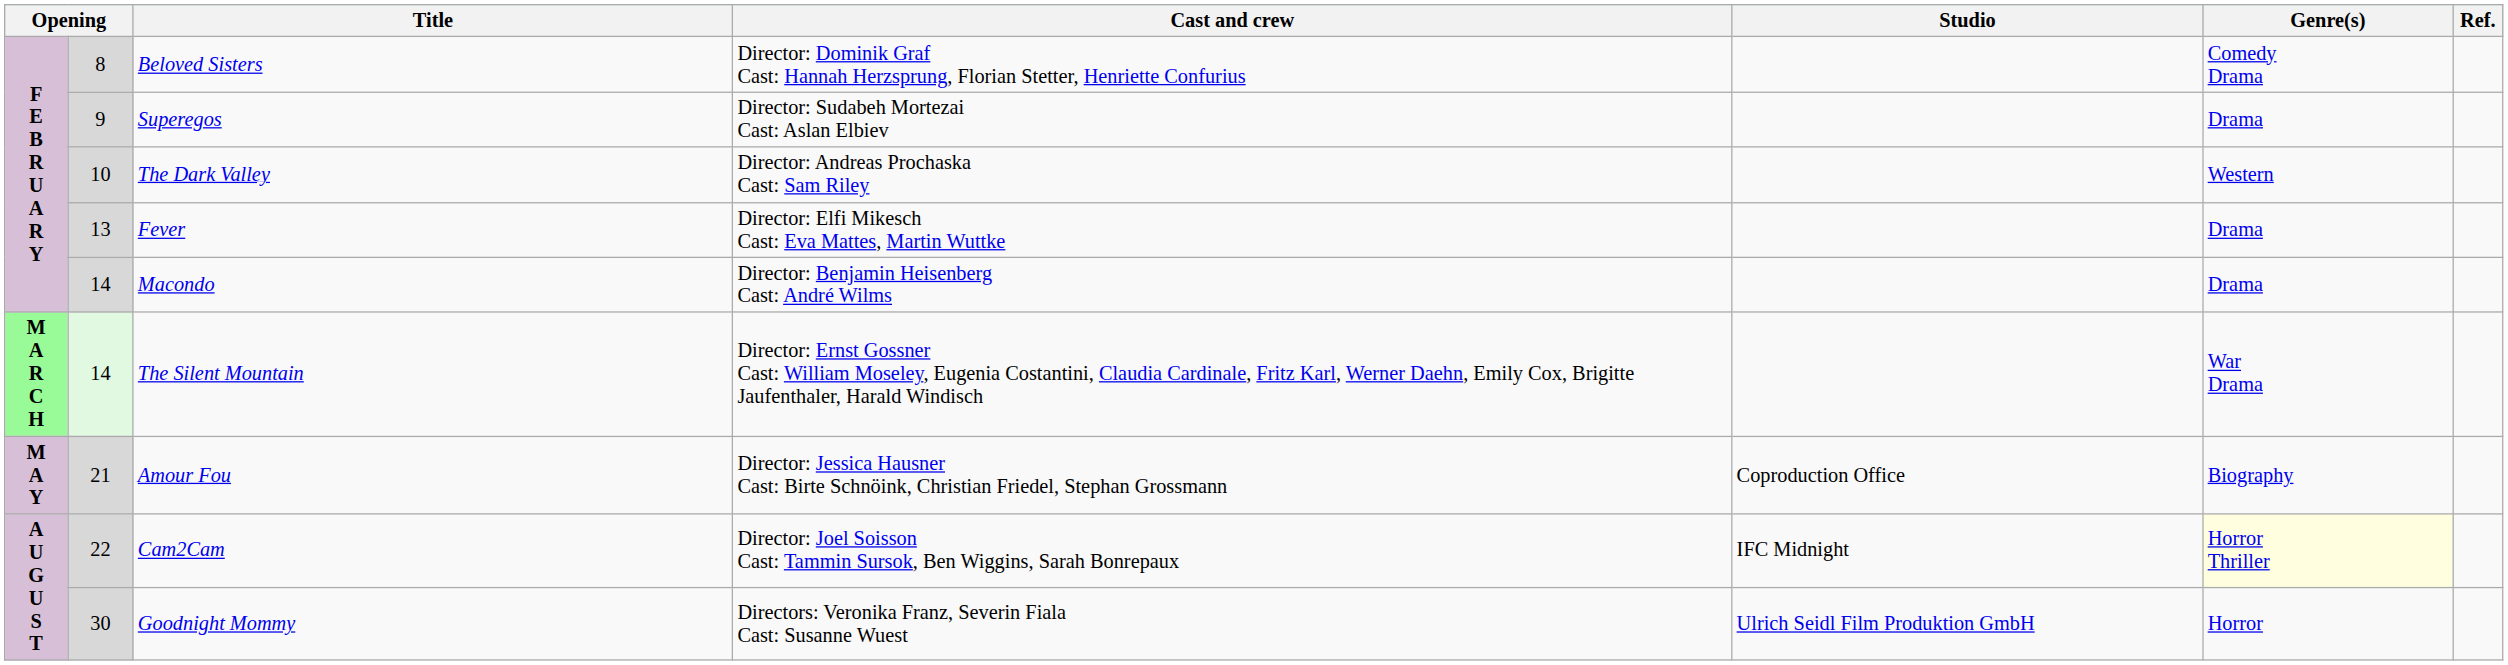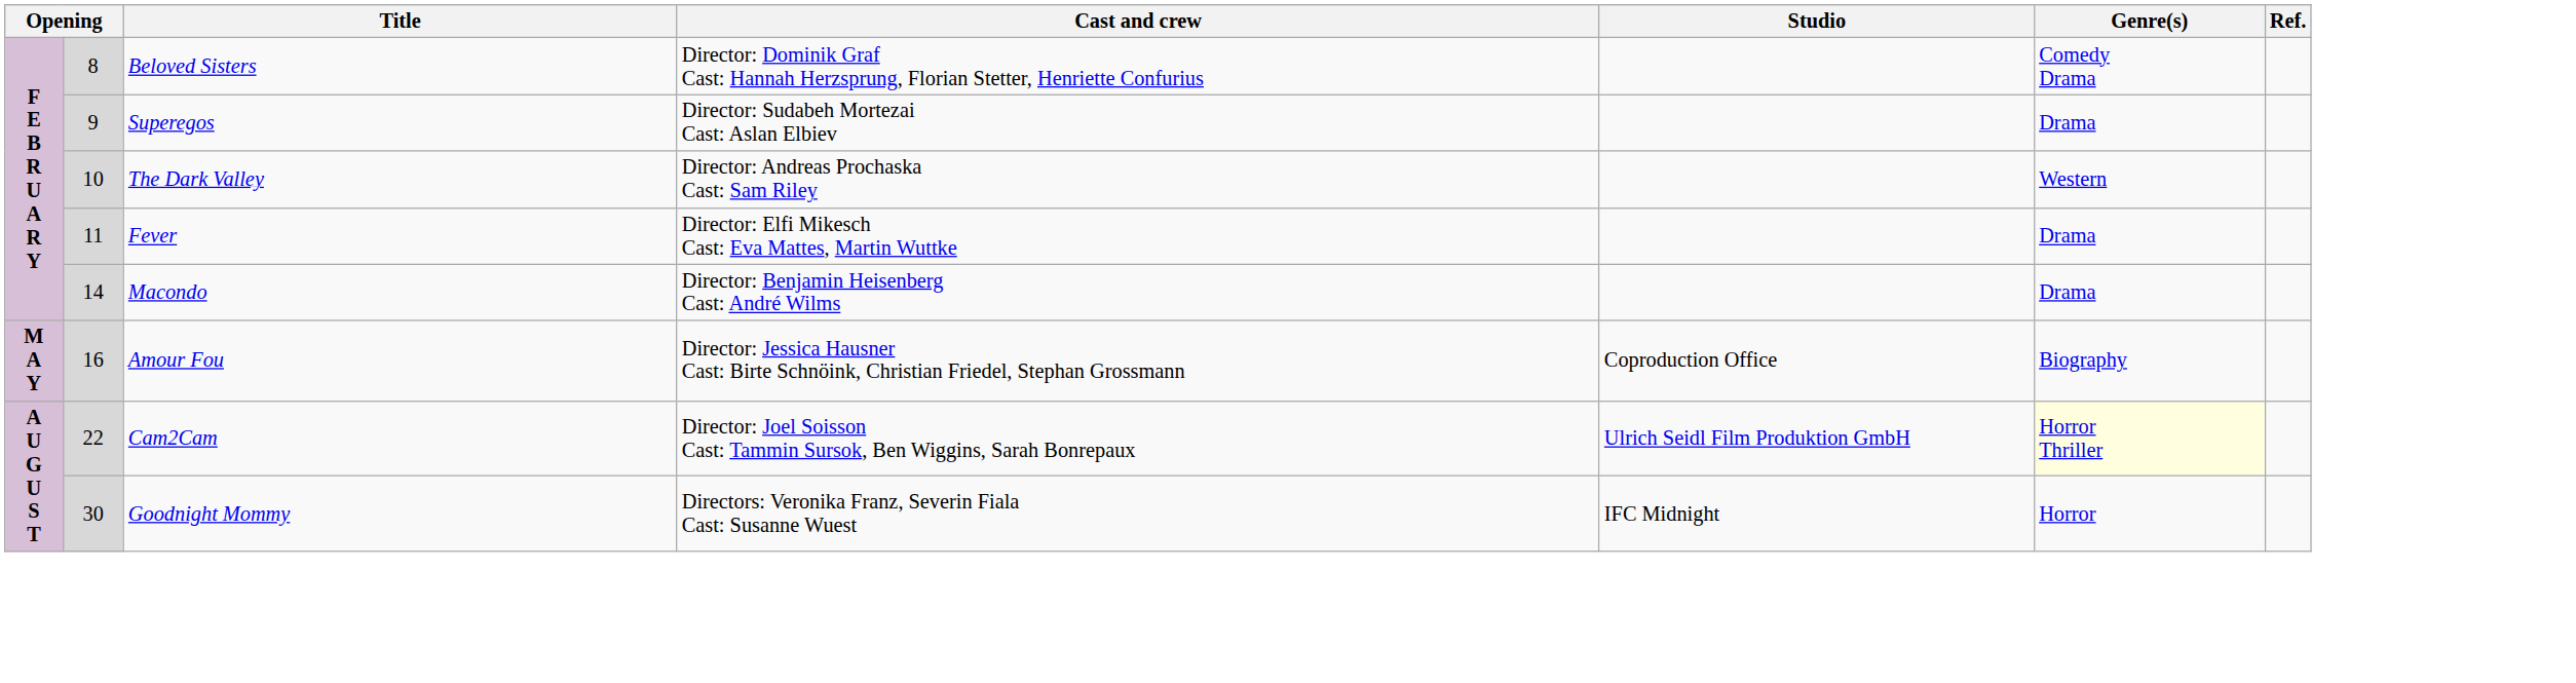 <table class="wikitable">
 <tr style="background:#b0e0e6; text-align:center;">
 <th colspan="2">Opening</th>
 <th style="width:24%;">Title</th>
 <th style="width:40%;">Cast and crew</th>
 <th>Studio</th>
 <th style="width:10%;">Genre(s)</th>
 <th style="width:2%;">Ref.</th>
 </tr>
 <tr>
 <th rowspan="5" style="text-align:center; background:thistle; textcolor:#000;">F<br>E<br>B<br>R<br>U<br>A<br>R<br>Y</th>
 <td rowspan="1" style="text-align:center; background:#d8d8d8;">8</td>
 <td><em><a href='#'>Beloved Sisters</a></em></td>
 <td>Director: <a href='#'>Dominik Graf</a> <br> Cast: <a href='#'>Hannah Herzsprung</a>, Florian Stetter, <a href='#'>Henriette Confurius</a></td>
 <td></td>
 <td><a href='#'>Comedy</a> <br> <a href='#'>Drama</a></td>
 <td style="text-align:center"></td>
 </tr>
 <tr>
 <td rowspan="1" style="text-align:center; background:#d8d8d8;">9</td>
 <td><em><a href='#'>Superegos</a></em></td>
 <td>Director: Sudabeh Mortezai <br> Cast: Aslan Elbiev</td>
 <td></td>
 <td><a href='#'>Drama</a></td>
 <td style="text-align:center"></td>
 </tr>
 <tr>
 <td rowspan="1" style="text-align:center; background:#d8d8d8;">10</td>
 <td><em><a href='#'>The Dark Valley</a></em></td>
 <td>Director: Andreas Prochaska <br> Cast: <a href='#'>Sam Riley</a></td>
 <td></td>
 <td><a href='#'>Western</a></td>
 <td style="text-align:center"></td>
 </tr>
 <tr>
-<td rowspan="1" style="text-align:center; background:#d8d8d8;">13</td>
+<td rowspan="1" style="text-align:center; background:#d8d8d8;">11</td>
 <td><em><a href='#'>Fever</a></em></td>
 <td>Director: Elfi Mikesch <br> Cast: <a href='#'>Eva Mattes</a>, <a href='#'>Martin Wuttke</a></td>
 <td></td>
 <td><a href='#'>Drama</a></td>
 <td style="text-align:center"></td>
 </tr>
 <tr>
 <td rowspan="1" style="text-align:center; background:#d8d8d8;">14</td>
 <td><em><a href='#'>Macondo</a></em></td>
 <td>Director: <a href='#'>Benjamin Heisenberg</a> <br> Cast: <a href='#'>André Wilms</a></td>
 <td></td>
 <td><a href='#'>Drama</a></td>
 <td style="text-align:center"></td>
 </tr>
 <tr>
-<th rowspan="1" style="text-align:center; background:#98fb98; textcolor:#000;">M<br>A<br>R<br>C<br>H</th>
-<td rowspan="1" style="text-align:center; background:#e0f9e0;">14</td>
-<td><em><a href='#'>The Silent Mountain</a></em></td>
-<td>Director: <a href='#'>Ernst Gossner</a> <br> Cast: <a href='#'>William Moseley</a>, Eugenia Costantini, <a href='#'>Claudia Cardinale</a>, <a href='#'>Fritz Karl</a>, <a href='#'>Werner Daehn</a>, Emily Cox, Brigitte Jaufenthaler, Harald Windisch</td>
-<td></td>
-<td><a href='#'>War</a> <br> <a href='#'>Drama</a></td>
-<td style="text-align:center"></td>
-</tr>
-<tr>
 <th rowspan="1" style="text-align:center; background:thistle; textcolor:#000;">M<br>A<br>Y</th>
-<td rowspan="1" style="text-align:center; background:#d8d8d8;">21</td>
+<td rowspan="1" style="text-align:center; background:#d8d8d8;">16</td>
 <td><em><a href='#'>Amour Fou</a></em></td>
 <td>Director: <a href='#'>Jessica Hausner</a> <br> Cast: Birte Schnöink, Christian Friedel, Stephan Grossmann</td>
 <td>Coproduction Office</td>
 <td><a href='#'>Biography</a></td>
 <td style="text-align:center"></td>
 </tr>
 <tr>
 <th rowspan="2" style="text-align:center; background:thistle; textcolor:#000;">A<br>U<br>G<br>U<br>S<br>T</th>
 <td rowspan="1" style="text-align:center; background:#d8d8d8;">22</td>
 <td><em><a href='#'>Cam2Cam</a></em></td>
 <td>Director: <a href='#'>Joel Soisson</a> <br> Cast: <a href='#'>Tammin Sursok</a>, Ben Wiggins, Sarah Bonrepaux</td>
-<td>IFC Midnight</td>
+<td><a href='#'>Ulrich Seidl Film Produktion GmbH</a></td>
 <td style="background: lightyellow;"><a href='#'>Horror</a> <br> <a href='#'>Thriller</a></td>
 <td style="text-align:center"></td>
 </tr>
 <tr>
 <td rowspan="1" style="text-align:center; background:#d8d8d8;">30</td>
 <td><em><a href='#'>Goodnight Mommy</a></em></td>
 <td>Directors: Veronika Franz, Severin Fiala <br> Cast: Susanne Wuest</td>
-<td><a href='#'>Ulrich Seidl Film Produktion GmbH</a></td>
+<td>IFC Midnight</td>
 <td><a href='#'>Horror</a></td>
 <td style="text-align:center"></td>
 </tr>
 </table>
